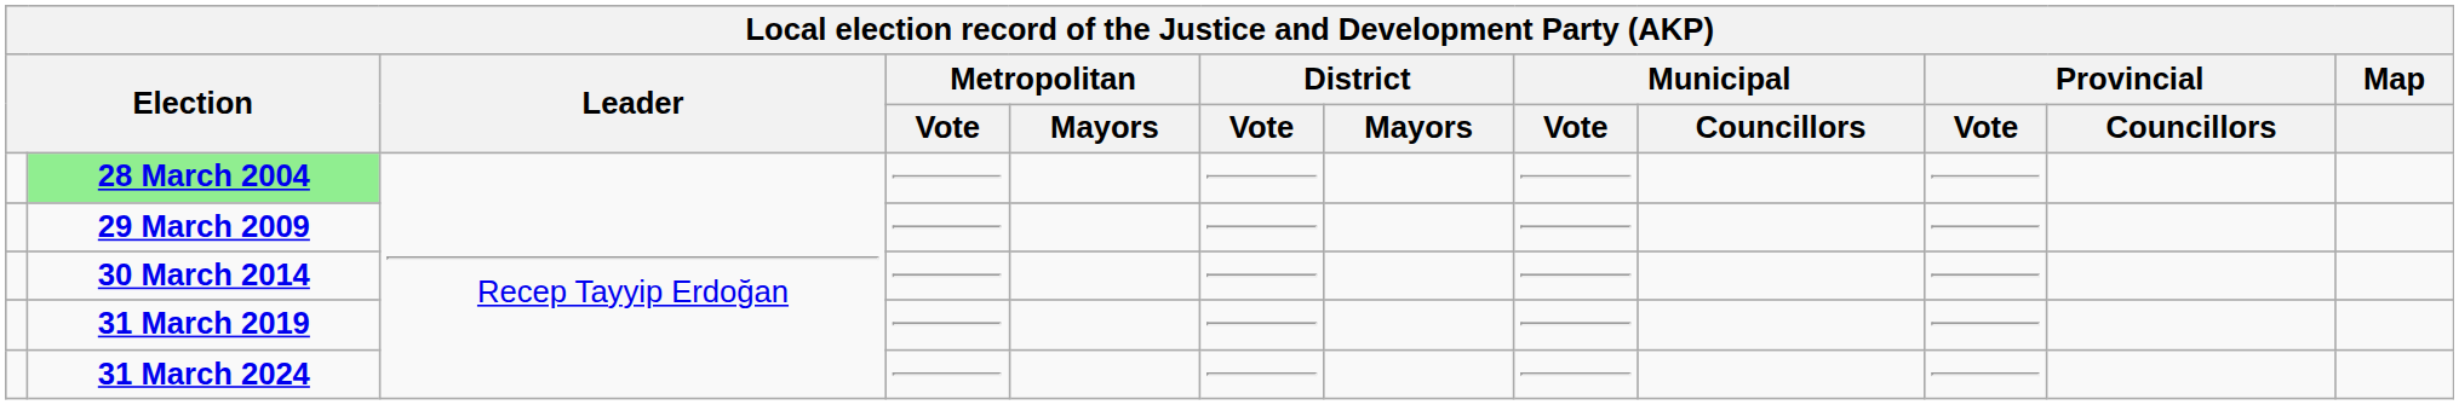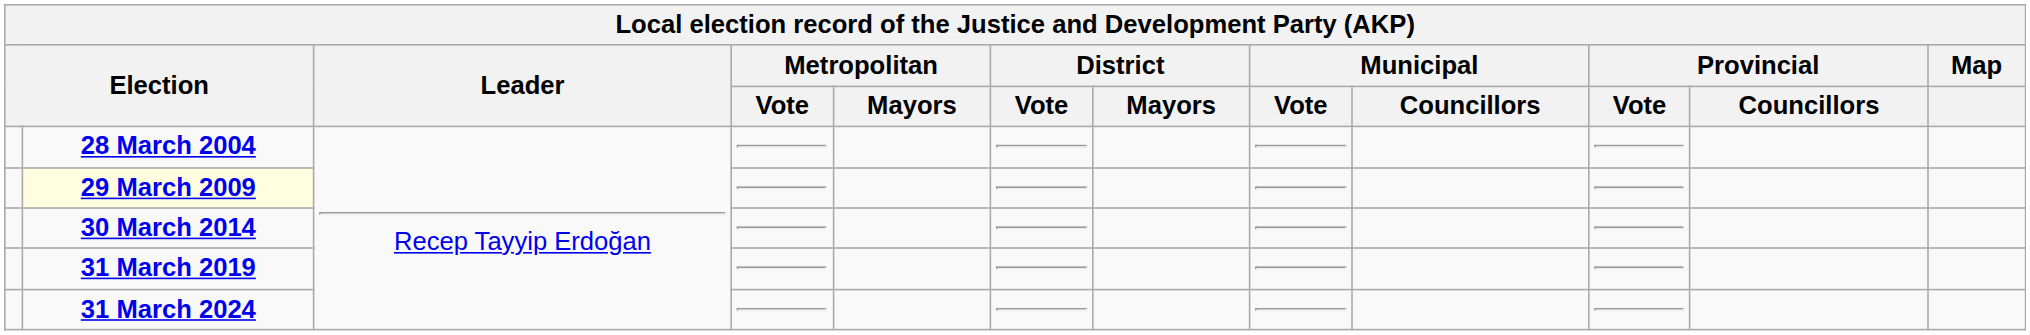 <table class="wikitable" style="text-align: center; border:none;width:100%">
 <tr>
 <th colspan="18">Local election record of the Justice and Development Party (AKP)</th>
 </tr>
 <tr>
 <th rowspan=2 colspan="2">Election</th>
 <th rowspan="2">Leader</th>
 <th colspan="2">Metropolitan</th>
 <th colspan="2">District</th>
 <th colspan="2">Municipal</th>
 <th colspan="2">Provincial</th>
 <th colspan="2">Map</th>
 </tr>
 <tr>
 <th>Vote</th>
 <th>Mayors</th>
 <th>Vote</th>
 <th>Mayors</th>
 <th>Vote</th>
 <th>Councillors</th>
 <th>Vote</th>
 <th>Councillors</th>
 <th></th>
 </tr>
 <tr>
 <td style="background:"></td>
-<td style="background: lightgreen;"><strong><a href='#'>28 March 2004</a></strong></td>
+<td><strong><a href='#'>28 March 2004</a></strong></td>
 <td rowspan="5"><hr><a href='#'>Recep Tayyip Erdoğan</a></td>
 <td><hr></td>
 <td></td>
 <td><hr></td>
 <td></td>
 <td><hr></td>
 <td></td>
 <td><hr></td>
 <td></td>
 <td></td>
 </tr>
 <tr>
 <td style="background:"></td>
-<td><strong><a href='#'>29 March 2009</a></strong></td>
+<td style="background: lightyellow;"><strong><a href='#'>29 March 2009</a></strong></td>
 <td><hr></td>
 <td></td>
 <td><hr></td>
 <td></td>
 <td><hr></td>
 <td></td>
 <td><hr></td>
 <td></td>
 <td></td>
 </tr>
 <tr>
 <td style="background:"></td>
 <td><strong><a href='#'>30 March 2014</a></strong></td>
 <td><hr></td>
 <td></td>
 <td><hr></td>
 <td></td>
 <td><hr></td>
 <td></td>
 <td><hr></td>
 <td></td>
 <td></td>
 </tr>
 <tr>
 <td style="background:"></td>
 <td><strong><a href='#'>31 March 2019</a></strong></td>
 <td><hr></td>
 <td></td>
 <td><hr></td>
 <td></td>
 <td><hr></td>
 <td></td>
 <td><hr></td>
 <td></td>
 <td></td>
 </tr>
 <tr>
 <td style="background:"></td>
 <td><strong><a href='#'>31 March 2024</a></strong></td>
 <td><hr></td>
 <td></td>
 <td><hr></td>
 <td></td>
 <td><hr></td>
 <td></td>
 <td><hr></td>
 <td></td>
 <td></td>
 </tr>
 <tr>
 </tr>
 </table>
